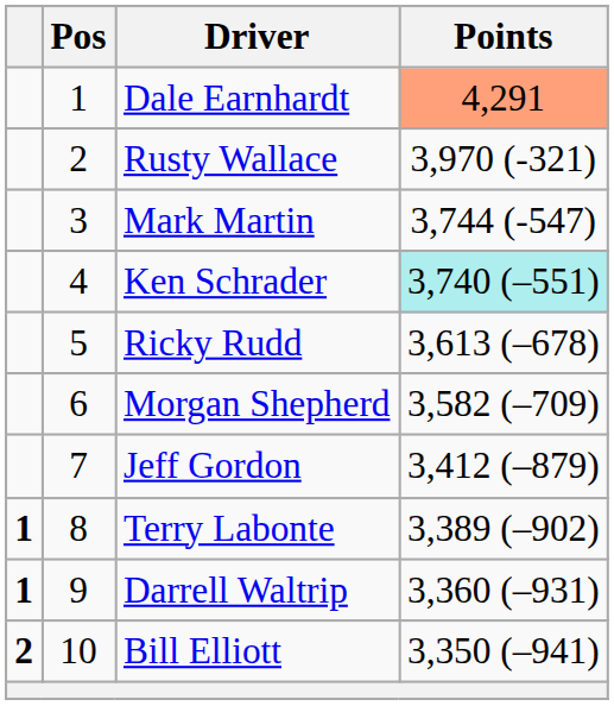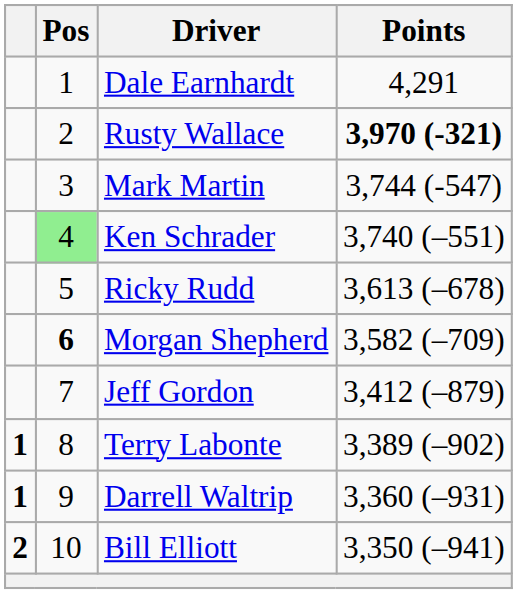 <table class="wikitable" style="font-size: 95%;">
 <tr>
 <th></th>
 <th>Pos</th>
 <th>Driver</th>
 <th>Points</th>
 </tr>
 <tr>
 <td align="left"></td>
 <td style="text-align:center;">1</td>
 <td><a href='#'>Dale Earnhardt</a></td>
-<td style="background: lightsalmon; text-align:center;">4,291</td>
+<td style="text-align:center;">4,291</td>
 </tr>
 <tr>
 <td align="left"></td>
 <td style="text-align:center;">2</td>
 <td><a href='#'>Rusty Wallace</a></td>
-<td style="text-align:center;">3,970 (-321)</td>
+<td style="text-align:center;"><strong>3,970 (-321)</strong></td>
 </tr>
 <tr>
 <td align="left"></td>
 <td style="text-align:center;">3</td>
 <td><a href='#'>Mark Martin</a></td>
 <td style="text-align:center;">3,744 (-547)</td>
 </tr>
 <tr>
 <td align="left"></td>
-<td style="text-align:center;">4</td>
+<td style="background: lightgreen; text-align:center;">4</td>
 <td><a href='#'>Ken Schrader</a></td>
-<td style="background: paleturquoise; text-align:center;">3,740 (–551)</td>
+<td style="text-align:center;">3,740 (–551)</td>
 </tr>
 <tr>
 <td align="left"></td>
 <td style="text-align:center;">5</td>
 <td><a href='#'>Ricky Rudd</a></td>
 <td style="text-align:center;">3,613 (–678)</td>
 </tr>
 <tr>
 <td align="left"></td>
-<td style="text-align:center;">6</td>
+<td style="text-align:center;"><strong>6</strong></td>
 <td><a href='#'>Morgan Shepherd</a></td>
 <td style="text-align:center;">3,582 (–709)</td>
 </tr>
 <tr>
 <td align="left"></td>
 <td style="text-align:center;">7</td>
 <td><a href='#'>Jeff Gordon</a></td>
 <td style="text-align:center;">3,412 (–879)</td>
 </tr>
 <tr>
 <td align="left"> <strong>1</strong></td>
 <td style="text-align:center;">8</td>
 <td><a href='#'>Terry Labonte</a></td>
 <td style="text-align:center;">3,389 (–902)</td>
 </tr>
 <tr>
 <td align="left"> <strong>1</strong></td>
 <td style="text-align:center;">9</td>
 <td><a href='#'>Darrell Waltrip</a></td>
 <td style="text-align:center;">3,360 (–931)</td>
 </tr>
 <tr>
 <td align="left"> <strong>2</strong></td>
 <td style="text-align:center;">10</td>
 <td><a href='#'>Bill Elliott</a></td>
 <td style="text-align:center;">3,350 (–941)</td>
 </tr>
 <tr class="sortbottom">
 <th colspan="9"></th>
 </tr>
 </table>
